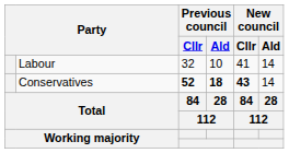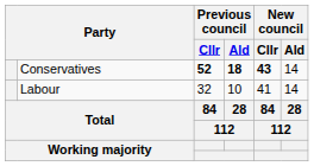 <table class="wikitable">
 <tr>
 <th colspan="2" rowspan="2" style="width: 230px">Party</th>
 <th valign=top colspan="2" style="width: 30px">Previous council</th>
 <th valign=top colspan="2" style="width: 30px">New council</th>
 </tr>
 <tr>
 <th><a href='#'>Cllr</a></th>
 <th><a href='#'>Ald</a></th>
 <th>Cllr</th>
 <th>Ald</th>
 </tr>
 <tr>
 <th style="background-color: "></th>
+<td>Conservatives</td>
+<td><strong>52</strong></td>
+<td><strong>18</strong></td>
+<td><strong>43</strong></td>
+<td>14</td>
+</tr>
+<tr>
+<th style="background-color: "></th>
 <td>Labour</td>
 <td>32</td>
 <td>10</td>
 <td>41</td>
-<td>14</td>
-</tr>
-<tr>
-<th style="background-color: "></th>
-<td>Conservatives</td>
-<td><strong>52</strong></td>
-<td><strong>18</strong></td>
-<td><strong>43</strong></td>
 <td>14</td>
 </tr>
 <tr>
 <th colspan="2" rowspan="2">Total</th>
 <th style="text-align: center">84</th>
 <th style="text-align: center">28</th>
 <th style="text-align: center">84</th>
 <th style="text-align: center">28</th>
 </tr>
 <tr>
 <th colspan="2" style="text-align: center">112</th>
 <th colspan="2" style="text-align: center">112</th>
 </tr>
 <tr>
 <th colspan="2" rowspan="2">Working majority</th>
 <th></th>
 <th></th>
 <th></th>
 <th></th>
 </tr>
 <tr>
 <th colspan="2"></th>
 <th colspan="2"></th>
 </tr>
 </table>
